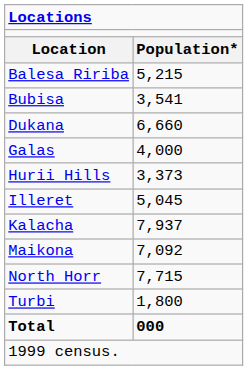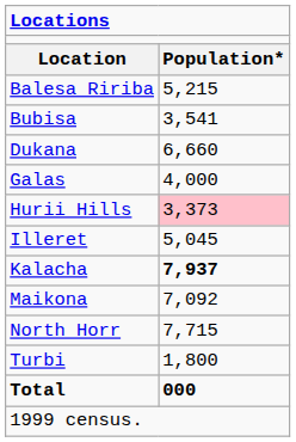 <table class="wikitable">
 <tr>
 <td colspan="2"><strong><a href='#'>Locations</a></strong></td>
 </tr>
 <tr>
 <td colspan="2"></td>
 </tr>
 <tr>
 <th>Location</th>
 <th>Population*</th>
 </tr>
 <tr>
 <td><a href='#'>Balesa Ririba</a></td>
 <td>5,215</td>
 </tr>
 <tr>
 <td><a href='#'>Bubisa</a></td>
 <td>3,541</td>
 </tr>
 <tr>
 <td><a href='#'>Dukana</a></td>
 <td>6,660</td>
 </tr>
 <tr>
 <td><a href='#'>Galas</a></td>
 <td>4,000</td>
 </tr>
 <tr>
 <td><a href='#'>Hurii Hills</a></td>
-<td>3,373</td>
+<td style="background: pink;">3,373</td>
 </tr>
 <tr>
 <td><a href='#'>Illeret</a></td>
 <td>5,045</td>
 </tr>
 <tr>
 <td><a href='#'>Kalacha</a></td>
-<td>7,937</td>
+<td><strong>7,937</strong></td>
 </tr>
 <tr>
 <td><a href='#'>Maikona</a></td>
 <td>7,092</td>
 </tr>
 <tr>
 <td><a href='#'>North Horr</a></td>
 <td>7,715</td>
 </tr>
 <tr>
 <td><a href='#'>Turbi</a></td>
 <td>1,800</td>
 </tr>
 <tr>
 <td><strong>Total</strong></td>
 <td><strong>000</strong></td>
 </tr>
 <tr>
 <td colspan="2">1999 census.</td>
 </tr>
 </table>
